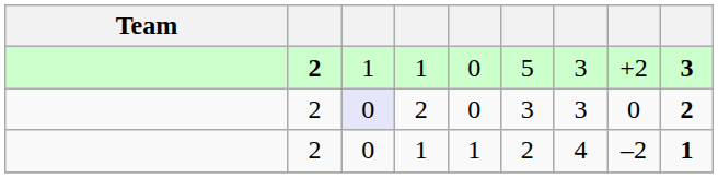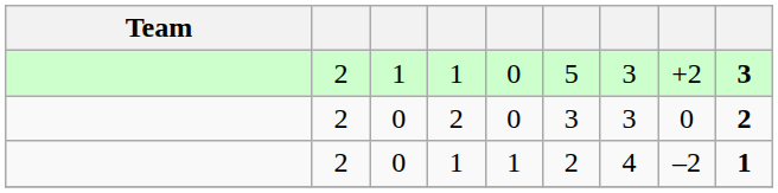 <table class="wikitable" style="text-align: center;">
 <tr>
 <th width="165">Team</th>
 <th width="25"></th>
 <th width="25"></th>
 <th width="25"></th>
 <th width="25"></th>
 <th width="25"></th>
 <th width="25"></th>
 <th width="25"></th>
 <th width="25"></th>
 </tr>
 <tr bgcolor="#ccffcc">
 <td style="text-align:left;"></td>
-<td><strong>2</strong></td>
+<td>2</td>
 <td>1</td>
 <td>1</td>
 <td>0</td>
 <td>5</td>
 <td>3</td>
 <td>+2</td>
 <td><strong>3</strong></td>
 </tr>
 <tr>
 <td style="text-align:left;"></td>
 <td>2</td>
-<td style="background: lavender;">0</td>
+<td>0</td>
 <td>2</td>
 <td>0</td>
 <td>3</td>
 <td>3</td>
 <td>0</td>
 <td><strong>2</strong></td>
 </tr>
 <tr>
 <td style="text-align:left;"></td>
 <td>2</td>
 <td>0</td>
 <td>1</td>
 <td>1</td>
 <td>2</td>
 <td>4</td>
 <td>–2</td>
 <td><strong>1</strong></td>
 </tr>
 <tr>
 </tr>
 </table>
